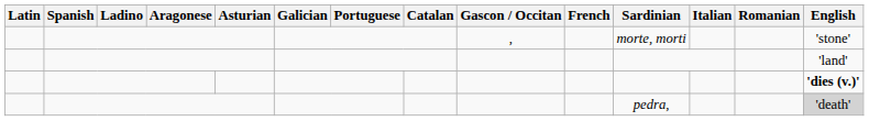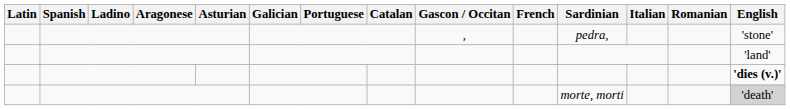 <table class="wikitable" style="text-align: center;">
 <tr>
 <th>Latin</th>
 <th>Spanish</th>
 <th>Ladino</th>
 <th>Aragonese</th>
 <th>Asturian</th>
 <th>Galician</th>
 <th>Portuguese</th>
 <th>Catalan</th>
 <th>Gascon / Occitan</th>
 <th>French</th>
 <th>Sardinian</th>
 <th>Italian</th>
 <th>Romanian</th>
 <th>English</th>
 </tr>
 <tr>
 <td></td>
 <td colspan="4"></td>
 <td colspan="3"></td>
 <td>, </td>
 <td></td>
-<td><em>morte, morti</em></td>
+<td><em>pedra</em>, </td>
 <td></td>
 <td></td>
 <td>'stone'</td>
 </tr>
 <tr>
 <td></td>
 <td colspan="4"></td>
 <td colspan="3"></td>
 <td></td>
 <td></td>
 <td colspan="2"></td>
 <td></td>
 <td>'land'</td>
 </tr>
 <tr>
 <td></td>
 <td colspan="3"></td>
 <td></td>
 <td colspan="2"></td>
 <td></td>
 <td></td>
 <td></td>
 <td></td>
 <td></td>
 <td></td>
 <td><strong>'dies (v.)'</strong></td>
 </tr>
 <tr>
 <td></td>
 <td colspan="4"></td>
 <td colspan="2"></td>
 <td></td>
 <td></td>
 <td></td>
-<td><em>pedra</em>, </td>
+<td><em>morte, morti</em></td>
 <td></td>
 <td></td>
 <td style="background: lightgrey;">'death'</td>
 </tr>
 </table>
